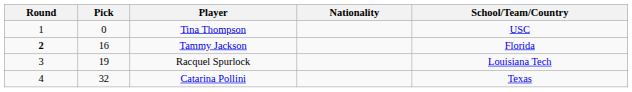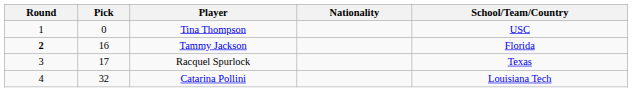 <table class="wikitable" style="text-align:center; width:60em">
 <tr>
 <th>Round</th>
 <th>Pick</th>
 <th>Player</th>
 <th>Nationality</th>
 <th>School/Team/Country</th>
 </tr>
 <tr>
 <td>1</td>
 <td>0</td>
 <td><a href='#'>Tina Thompson</a></td>
 <td></td>
 <td><a href='#'>USC</a></td>
 </tr>
 <tr>
 <td><strong>2</strong></td>
 <td>16</td>
 <td><a href='#'>Tammy Jackson</a></td>
 <td></td>
 <td><a href='#'>Florida</a></td>
 </tr>
 <tr>
 <td>3</td>
-<td>19</td>
+<td>17</td>
 <td>Racquel Spurlock</td>
 <td></td>
-<td><a href='#'>Louisiana Tech</a></td>
+<td><a href='#'>Texas</a></td>
 </tr>
 <tr>
 <td>4</td>
 <td>32</td>
 <td><a href='#'>Catarina Pollini</a></td>
 <td></td>
-<td><a href='#'>Texas</a></td>
+<td><a href='#'>Louisiana Tech</a></td>
 </tr>
 </table>
